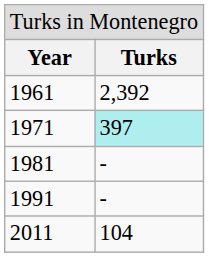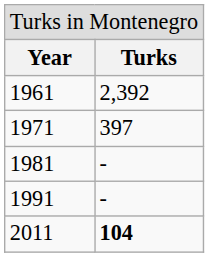 <table class="wikitable sortable">
 <tr bgcolor=#DDDDDD>
 <td colspan=8 align="center">Turks in Montenegro</td>
 </tr>
 <tr bgcolor=#f0f0f0 align="center">
 <th>Year</th>
 <th>Turks</th>
 </tr>
 <tr>
 <td>1961</td>
 <td>2,392</td>
 </tr>
 <tr>
 <td>1971</td>
-<td style="background: paleturquoise;">397</td>
+<td>397</td>
 </tr>
 <tr>
 <td>1981</td>
 <td>-</td>
 </tr>
 <tr>
 <td>1991</td>
 <td>-</td>
 </tr>
 <tr>
 <td>2011</td>
-<td>104</td>
+<td><strong>104</strong></td>
 </tr>
 </table>
